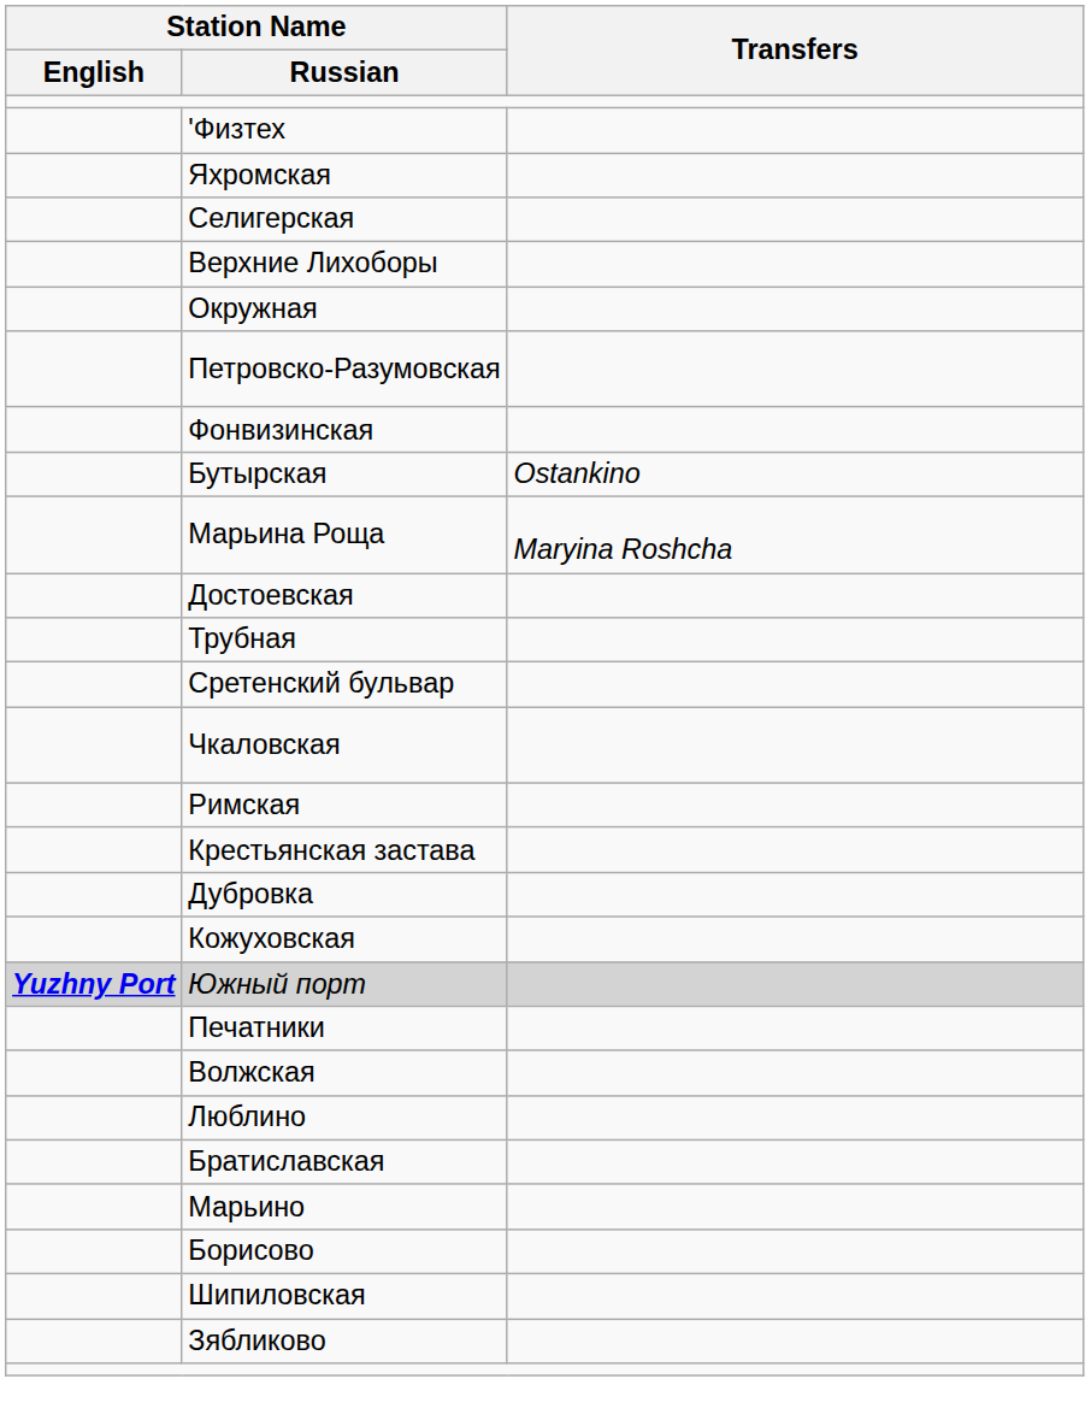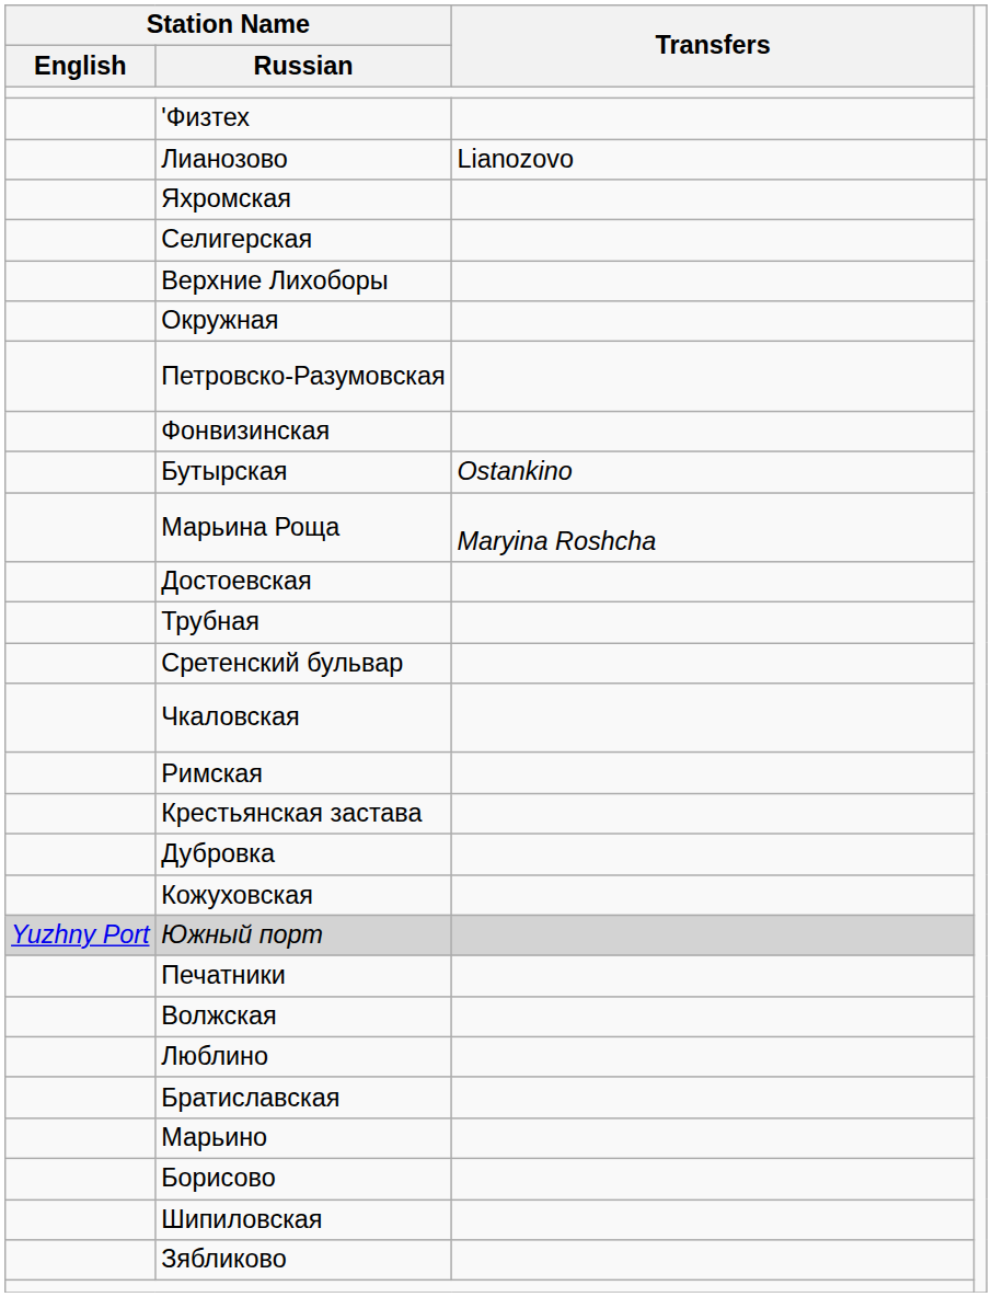 <table class="wikitable">
 <tr>
 <th colspan="2" style="min-width: 165px;">Station Name</th>
 <th rowspan="2" style="min-width: 320px;">Transfers</th>
 </tr>
 <tr>
 <th>English</th>
 <th>Russian</th>
 </tr>
 <tr style="background: #">
 <td colspan="3"></td>
 </tr>
 <tr>
 <td></td>
 <td>'Физтех</td>
+<td></td>
+</tr>
+<tr>
+<td></td>
+<td>Лианозово</td>
+<td> Lianozovo</td>
 <td></td>
 </tr>
 <tr>
 <td></td>
 <td>Яхромская</td>
 <td></td>
 </tr>
 <tr>
 <td></td>
 <td>Селигерская</td>
 <td></td>
 </tr>
 <tr>
 <td></td>
 <td>Верхние Лихоборы</td>
 <td></td>
 </tr>
 <tr>
 <td></td>
 <td>Окружная</td>
 <td><br></td>
 </tr>
 <tr>
 <td></td>
 <td>Петровско-Разумовская</td>
 <td><br><em></em><br><em></em></td>
 </tr>
 <tr>
 <td></td>
 <td>Фонвизинская</td>
 <td></td>
 </tr>
 <tr>
 <td></td>
 <td>Бутырская</td>
 <td> <em>Ostankino</em></td>
 </tr>
 <tr>
 <td></td>
 <td>Марьина Роща</td>
 <td><br>  <em>Maryina Roshcha</em></td>
 </tr>
 <tr>
 <td></td>
 <td>Достоевская</td>
 <td><em></em></td>
 </tr>
 <tr>
 <td></td>
 <td>Трубная</td>
 <td></td>
 </tr>
 <tr>
 <td></td>
 <td>Сретенский бульвар</td>
 <td><br></td>
 </tr>
 <tr>
 <td></td>
 <td>Чкаловская</td>
 <td><br><br> </td>
 </tr>
 <tr>
 <td></td>
 <td>Римская</td>
 <td><br> <em></em></td>
 </tr>
 <tr>
 <td></td>
 <td>Крестьянская застава</td>
 <td></td>
 </tr>
 <tr>
 <td></td>
 <td>Дубровка</td>
 <td></td>
 </tr>
 <tr>
 <td></td>
 <td>Кожуховская</td>
 <td></td>
 </tr>
 <tr bgcolor="lightgrey">
-<td><strong><em><a href='#'>Yuzhny Port</a></em></strong></td>
+<td><em><a href='#'>Yuzhny Port</a></em></td>
 <td><em>Южный порт</em></td>
 <td></td>
 </tr>
 <tr>
 <td></td>
 <td>Печатники</td>
 <td><br> <em></em></td>
 </tr>
 <tr>
 <td></td>
 <td>Волжская</td>
 <td></td>
 </tr>
 <tr>
 <td></td>
 <td>Люблино</td>
 <td></td>
 </tr>
 <tr>
 <td></td>
 <td>Братиславская</td>
 <td></td>
 </tr>
 <tr>
 <td></td>
 <td>Марьино</td>
 <td></td>
 </tr>
 <tr>
 <td></td>
 <td>Борисово</td>
 <td></td>
 </tr>
 <tr>
 <td></td>
 <td>Шипиловская</td>
 <td></td>
 </tr>
 <tr>
 <td></td>
 <td>Зябликово</td>
 <td></td>
 </tr>
 <tr style="background: #">
 <td colspan="3"></td>
 </tr>
 </table>
